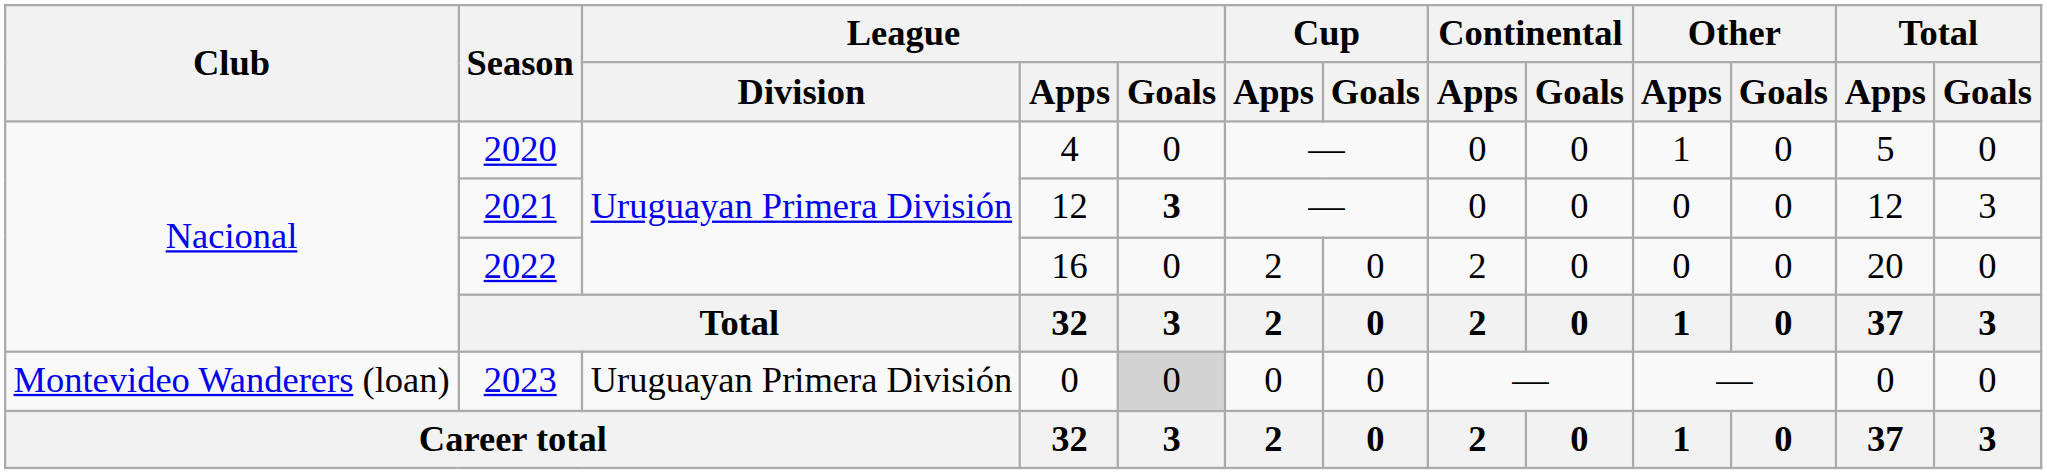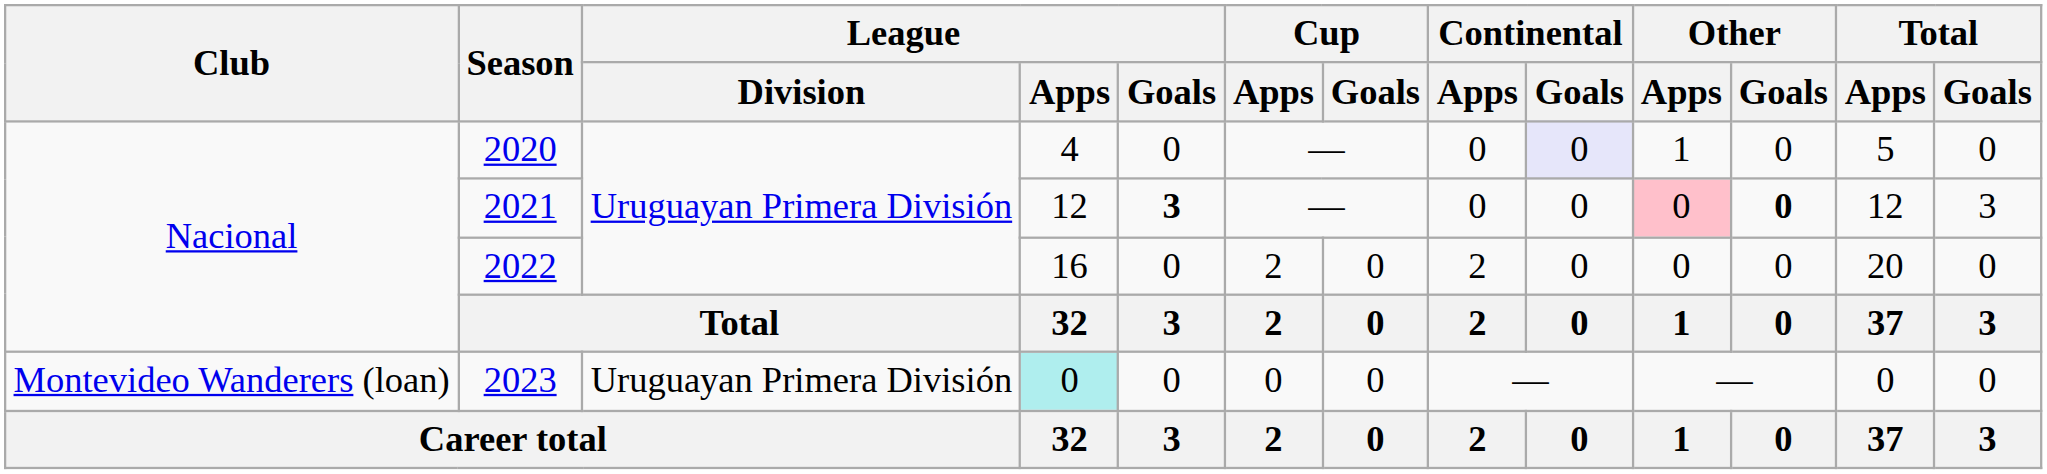 <table class="wikitable" style="text-align: center">
 <tr>
 <th rowspan="2">Club</th>
 <th rowspan="2">Season</th>
 <th colspan="3">League</th>
 <th colspan="2">Cup</th>
 <th colspan="2">Continental</th>
 <th colspan="2">Other</th>
 <th colspan="2">Total</th>
 </tr>
 <tr>
 <th>Division</th>
 <th>Apps</th>
 <th>Goals</th>
 <th>Apps</th>
 <th>Goals</th>
 <th>Apps</th>
 <th>Goals</th>
 <th>Apps</th>
 <th>Goals</th>
 <th>Apps</th>
 <th>Goals</th>
 </tr>
 <tr>
 <td rowspan="4"><a href='#'>Nacional</a></td>
 <td><a href='#'>2020</a></td>
 <td rowspan="3"><a href='#'>Uruguayan Primera División</a></td>
 <td>4</td>
 <td>0</td>
 <td colspan="2">—</td>
 <td>0</td>
-<td>0</td>
+<td style="background: lavender;">0</td>
 <td>1</td>
 <td>0</td>
 <td>5</td>
 <td>0</td>
 </tr>
 <tr>
 <td><a href='#'>2021</a></td>
 <td>12</td>
 <td><strong>3</strong></td>
 <td colspan="2">—</td>
 <td>0</td>
 <td>0</td>
-<td>0</td>
-<td>0</td>
+<td style="background: pink;">0</td>
+<td><strong>0</strong></td>
 <td>12</td>
 <td>3</td>
 </tr>
 <tr>
 <td><a href='#'>2022</a></td>
 <td>16</td>
 <td>0</td>
 <td>2</td>
 <td>0</td>
 <td>2</td>
 <td>0</td>
 <td>0</td>
 <td>0</td>
 <td>20</td>
 <td>0</td>
 </tr>
 <tr>
 <th colspan="2">Total</th>
 <th>32</th>
 <th>3</th>
 <th>2</th>
 <th>0</th>
 <th>2</th>
 <th>0</th>
 <th>1</th>
 <th>0</th>
 <th>37</th>
 <th>3</th>
 </tr>
 <tr>
 <td><a href='#'>Montevideo Wanderers</a> (loan)</td>
 <td><a href='#'>2023</a></td>
 <td>Uruguayan Primera División</td>
+<td style="background: paleturquoise;">0</td>
 <td>0</td>
-<td style="background: lightgrey;">0</td>
 <td>0</td>
 <td>0</td>
 <td colspan="2">—</td>
 <td colspan="2">—</td>
 <td>0</td>
 <td>0</td>
 </tr>
 <tr>
 <th colspan="3">Career total</th>
 <th>32</th>
 <th>3</th>
 <th>2</th>
 <th>0</th>
 <th>2</th>
 <th>0</th>
 <th>1</th>
 <th>0</th>
 <th>37</th>
 <th>3</th>
 </tr>
 </table>
